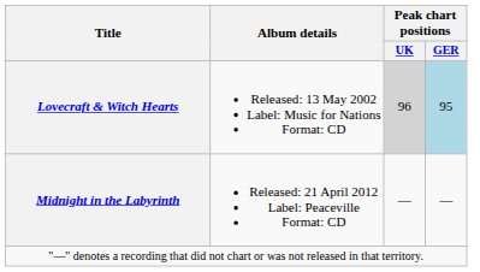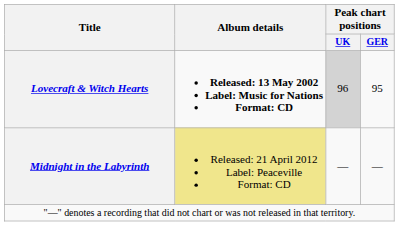 <table class="wikitable plainrowheaders" style="text-align:center;">
 <tr>
 <th scope="col" rowspan="2" style="width:15em;">Title</th>
 <th scope="col" rowspan="2">Album details</th>
 <th scope="col" colspan="7">Peak chart positions</th>
 </tr>
 <tr>
 <th scope="col" style="width:3em;font-size:90%;"><a href='#'>UK</a><br></th>
 <th scope="col" style="width:3em;font-size:90%;"><a href='#'>GER</a><br></th>
 </tr>
 <tr>
 <th scope="row"><em><a href='#'>Lovecraft & Witch Hearts</a></em></th>
-<td><br><ul><li>Released: 13 May 2002</li><li>Label: Music for Nations</li><li>Format: CD</li></ul></td>
+<td><strong><br><ul><li>Released: 13 May 2002</li><li>Label: Music for Nations</li><li>Format: CD</li></ul></strong></td>
 <td style="background: lightgrey;">96</td>
-<td style="background: lightblue;">95</td>
+<td>95</td>
 </tr>
 <tr>
 <th scope="row"><em><a href='#'>Midnight in the Labyrinth</a></em></th>
-<td><br><ul><li>Released: 21 April 2012</li><li>Label: Peaceville</li><li>Format: CD</li></ul></td>
+<td style="background: khaki;"><br><ul><li>Released: 21 April 2012</li><li>Label: Peaceville</li><li>Format: CD</li></ul></td>
 <td>—</td>
 <td>—</td>
 </tr>
 <tr>
 <td colspan="10" style="font-size:90%">"—" denotes a recording that did not chart or was not released in that territory.</td>
 </tr>
 </table>
